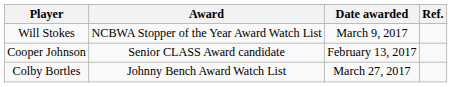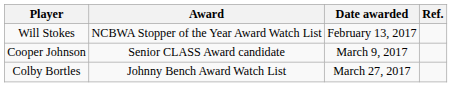 <table class="wikitable sortable sortable" style="text-align: center">
 <tr>
 <th>Player</th>
 <th>Award</th>
 <th>Date awarded</th>
 <th>Ref.</th>
 </tr>
 <tr>
 <td>Will Stokes</td>
 <td>NCBWA Stopper of the Year Award Watch List</td>
-<td>March 9, 2017</td>
+<td>February 13, 2017</td>
 <td></td>
 </tr>
 <tr>
 <td>Cooper Johnson</td>
 <td>Senior CLASS Award candidate</td>
-<td>February 13, 2017</td>
+<td>March 9, 2017</td>
 <td></td>
 </tr>
 <tr>
 <td>Colby Bortles</td>
 <td>Johnny Bench Award Watch List</td>
 <td>March 27, 2017</td>
 <td></td>
 </tr>
 </table>
